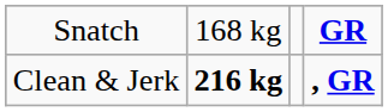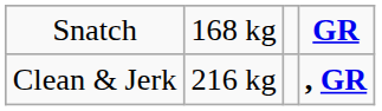 <table class = "wikitable" style="text-align:center;">
 <tr>
 <td>Snatch</td>
 <td>168 kg</td>
 <td align=left></td>
 <td><strong><a href='#'>GR</a></strong></td>
 </tr>
 <tr>
 <td>Clean & Jerk</td>
-<td><strong>216 kg</strong></td>
+<td>216 kg</td>
 <td align=left></td>
 <td><strong>, <a href='#'>GR</a></strong></td>
 </tr>
 </table>
